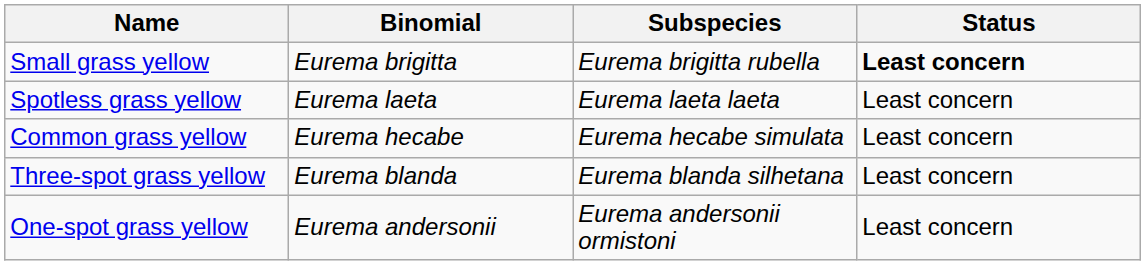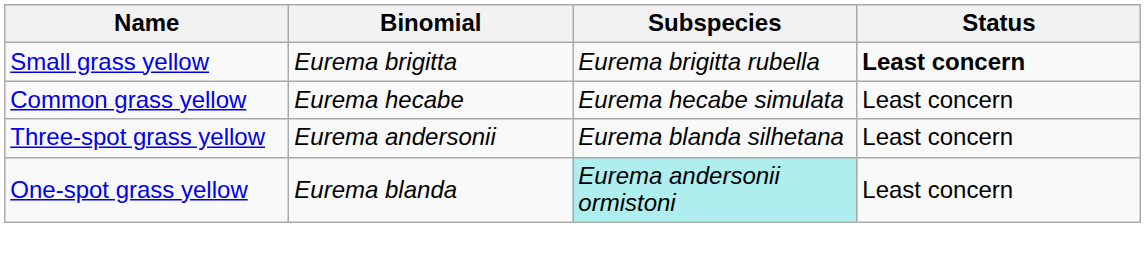 <table width=60% class="wikitable">
 <tr>
 <th width=20%>Name</th>
 <th width=20%>Binomial</th>
 <th width=20%>Subspecies</th>
 <th width=20%>Status</th>
 </tr>
 <tr>
 <td><a href='#'>Small grass yellow</a><br> </td>
 <td><em>Eurema brigitta</em></td>
 <td><em>Eurema brigitta rubella</em></td>
 <td><strong>Least concern</strong></td>
 </tr>
 <tr>
-<td><a href='#'>Spotless grass yellow</a><br> </td>
-<td><em>Eurema laeta</em></td>
-<td><em>Eurema laeta laeta</em></td>
-<td>Least concern</td>
-</tr>
-<tr>
 <td><a href='#'>Common grass yellow</a><br> </td>
 <td><em>Eurema hecabe</em></td>
 <td><em>Eurema hecabe simulata</em></td>
 <td>Least concern</td>
 </tr>
 <tr>
 <td><a href='#'>Three-spot grass yellow</a><br> </td>
-<td><em>Eurema blanda</em></td>
+<td><em>Eurema andersonii</em></td>
 <td><em>Eurema blanda silhetana</em></td>
 <td>Least concern</td>
 </tr>
 <tr>
 <td><a href='#'>One-spot grass yellow</a><br></td>
-<td><em>Eurema andersonii</em></td>
-<td><em>Eurema andersonii ormistoni</em></td>
+<td><em>Eurema blanda</em></td>
+<td style="background: paleturquoise;"><em>Eurema andersonii ormistoni</em></td>
 <td>Least concern</td>
 </tr>
 </table>
